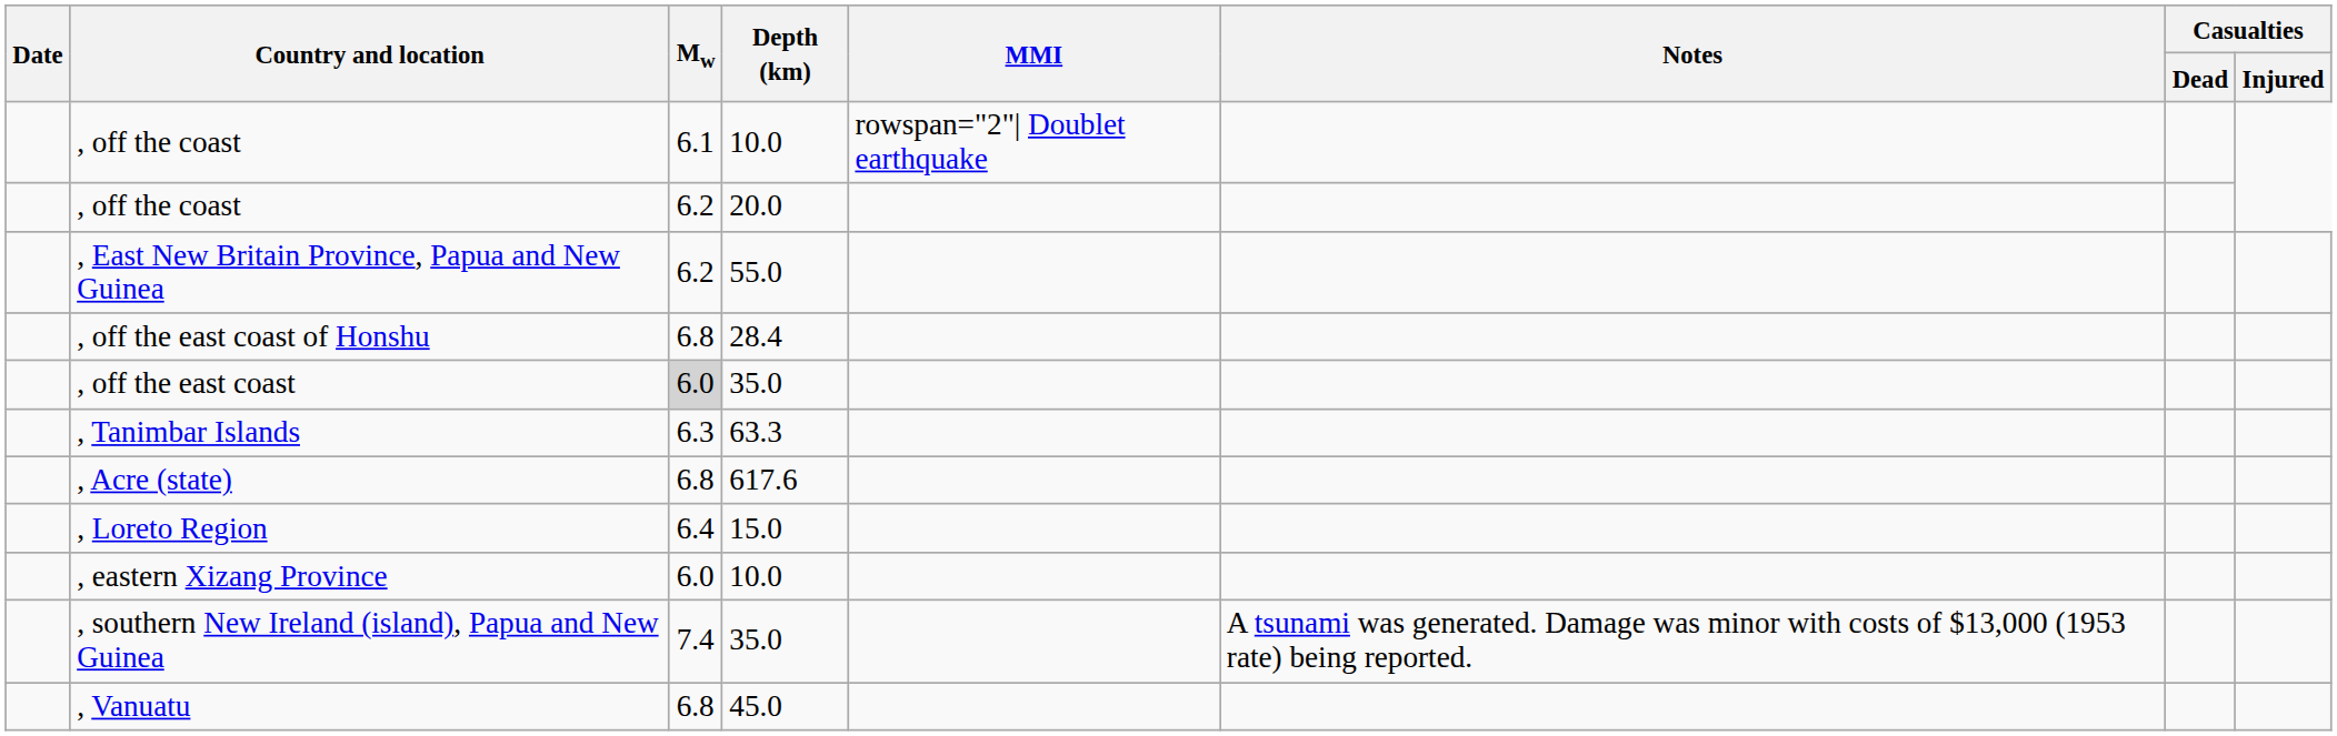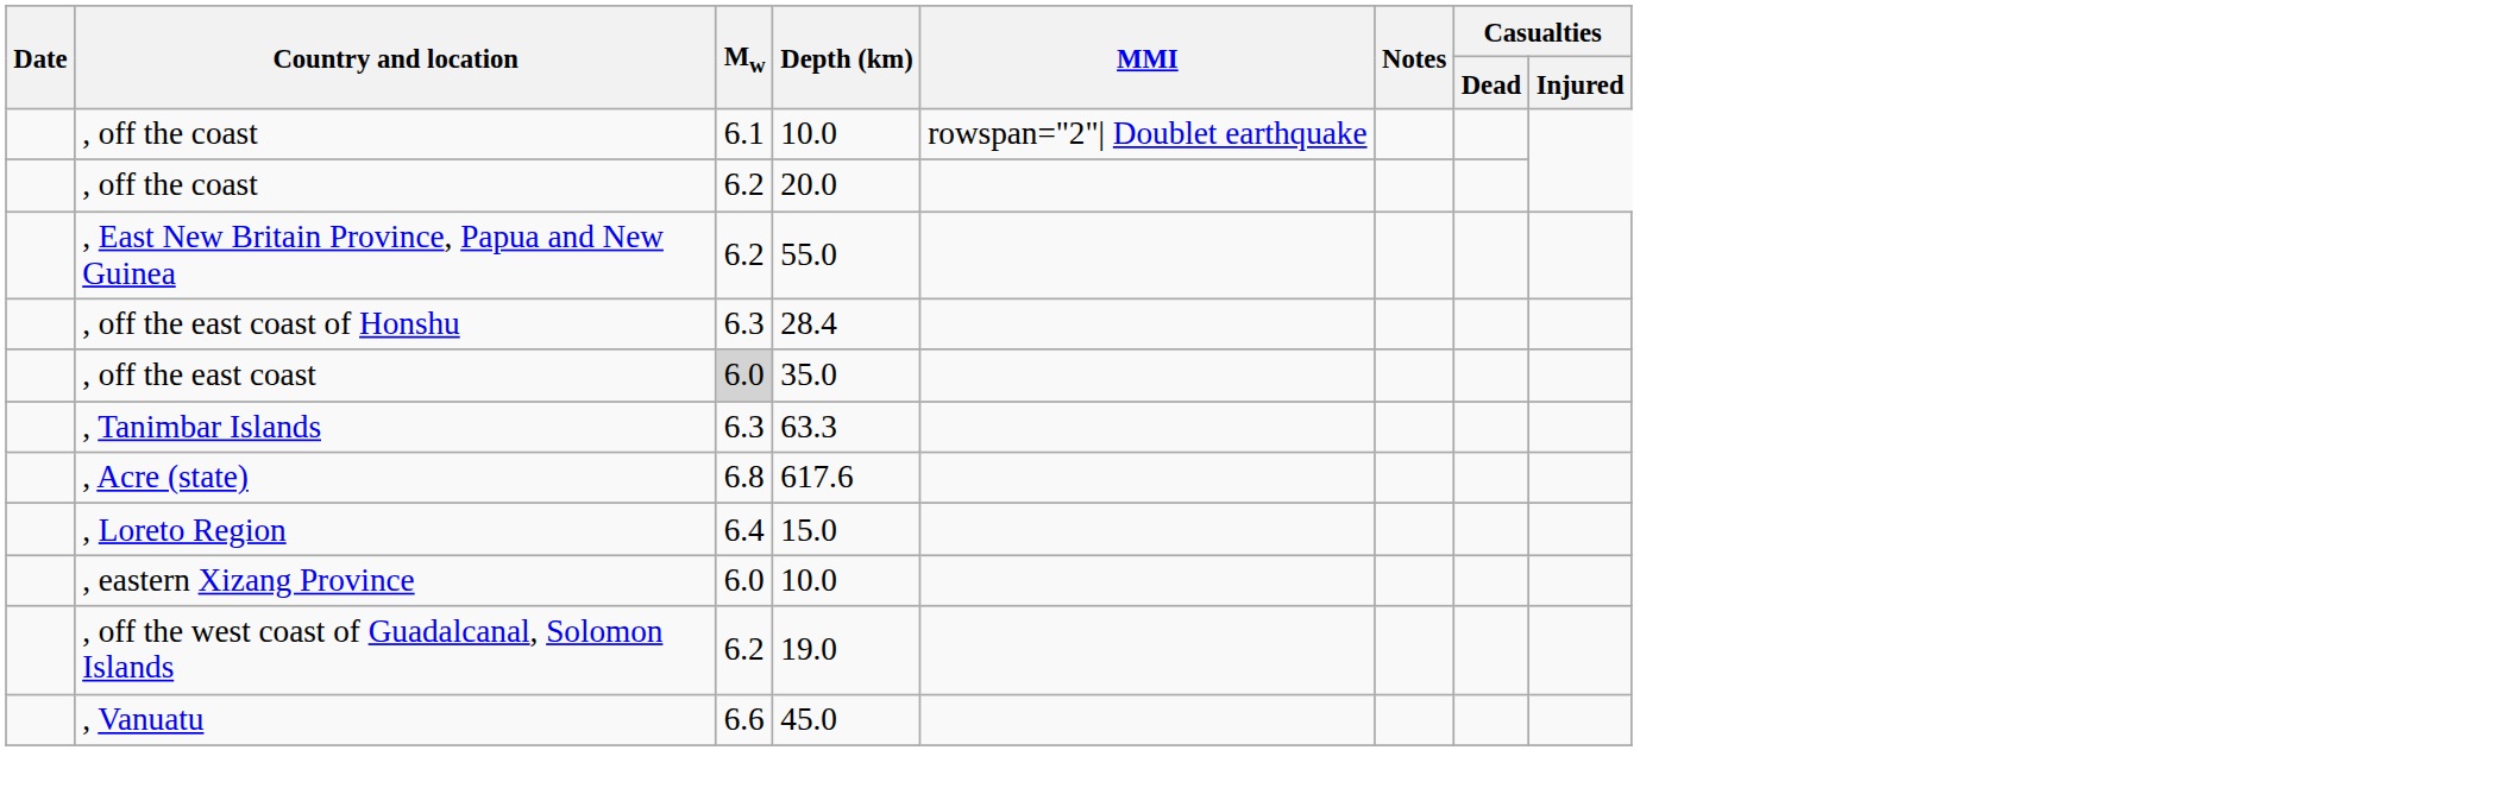 <table class="wikitable sortable sort-under" style="border:1px black; margin-left:1em;">
 <tr>
 <th rowspan="2"><small>Date</small></th>
 <th rowspan="2" style="width: 310px"><small>Country and location</small></th>
 <th rowspan="2"><small>M<sub>w</sub></small></th>
 <th rowspan="2"><small>Depth (km)</small></th>
 <th rowspan="2"><small><a href='#'>MMI</a></small></th>
 <th rowspan="2" class="unsortable"><small>Notes</small></th>
 <th colspan="2"><small>Casualties</small></th>
 </tr>
 <tr>
 <th><small>Dead</small></th>
 <th><small>Injured</small></th>
 </tr>
 <tr>
 <td></td>
 <td>, off the coast</td>
 <td>6.1</td>
 <td>10.0</td>
 <td>rowspan="2"| <a href='#'>Doublet earthquake</a></td>
 <td></td>
 <td></td>
 </tr>
 <tr>
 <td></td>
 <td>, off the coast</td>
 <td>6.2</td>
 <td>20.0</td>
 <td></td>
 <td></td>
 <td></td>
 </tr>
 <tr>
 <td></td>
 <td>, <a href='#'>East New Britain Province</a>, <a href='#'>Papua and New Guinea</a></td>
 <td>6.2</td>
 <td>55.0</td>
 <td></td>
 <td></td>
 <td></td>
 <td></td>
 </tr>
 <tr>
 <td></td>
 <td>, off the east coast of <a href='#'>Honshu</a></td>
-<td>6.8</td>
+<td>6.3</td>
 <td>28.4</td>
 <td></td>
 <td></td>
 <td></td>
 <td></td>
 </tr>
 <tr>
 <td></td>
 <td>, off the east coast</td>
 <td style="background: lightgrey;">6.0</td>
 <td>35.0</td>
 <td></td>
 <td></td>
 <td></td>
 <td></td>
 </tr>
 <tr>
 <td></td>
 <td>, <a href='#'>Tanimbar Islands</a></td>
 <td>6.3</td>
 <td>63.3</td>
 <td></td>
 <td></td>
 <td></td>
 <td></td>
 </tr>
 <tr>
 <td></td>
 <td>, <a href='#'>Acre (state)</a></td>
 <td>6.8</td>
 <td>617.6</td>
 <td></td>
 <td></td>
 <td></td>
 <td></td>
 </tr>
 <tr>
 <td></td>
 <td>, <a href='#'>Loreto Region</a></td>
 <td>6.4</td>
 <td>15.0</td>
 <td></td>
 <td></td>
 <td></td>
 <td></td>
 </tr>
 <tr>
 <td></td>
 <td>, eastern <a href='#'>Xizang Province</a></td>
 <td>6.0</td>
 <td>10.0</td>
 <td></td>
 <td></td>
 <td></td>
 <td></td>
 </tr>
 <tr>
 <td></td>
-<td>, southern <a href='#'>New Ireland (island)</a>, <a href='#'>Papua and New Guinea</a></td>
-<td>7.4</td>
-<td>35.0</td>
+<td>, off the west coast of <a href='#'>Guadalcanal</a>, <a href='#'>Solomon Islands</a></td>
+<td>6.2</td>
+<td>19.0</td>
 <td></td>
-<td>A <a href='#'>tsunami</a> was generated. Damage was minor with costs of $13,000 (1953 rate) being reported.</td>
+<td></td>
 <td></td>
 <td></td>
 </tr>
 <tr>
 <td></td>
 <td>, <a href='#'>Vanuatu</a></td>
-<td>6.8</td>
+<td>6.6</td>
 <td>45.0</td>
 <td></td>
 <td></td>
 <td></td>
 <td></td>
 </tr>
 </table>
